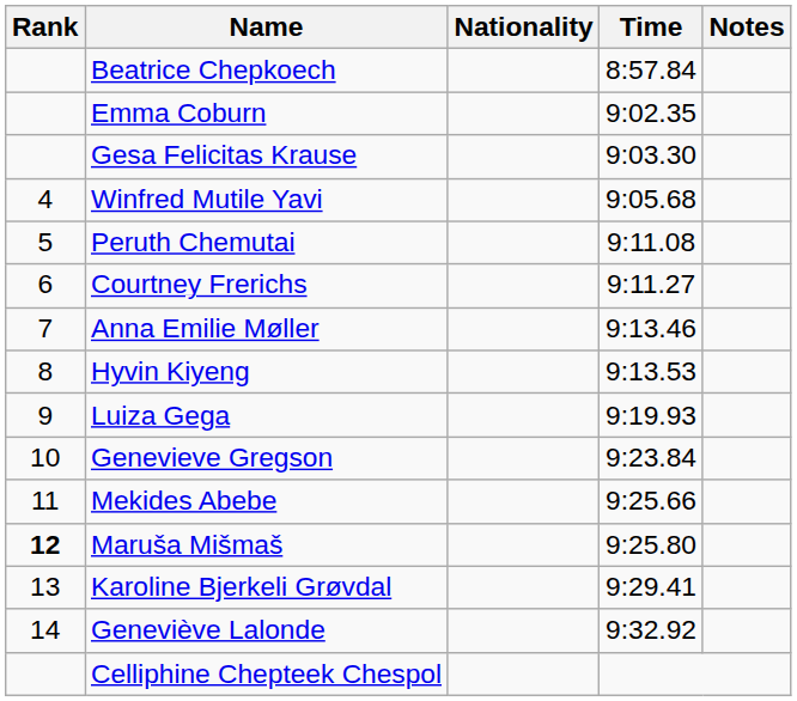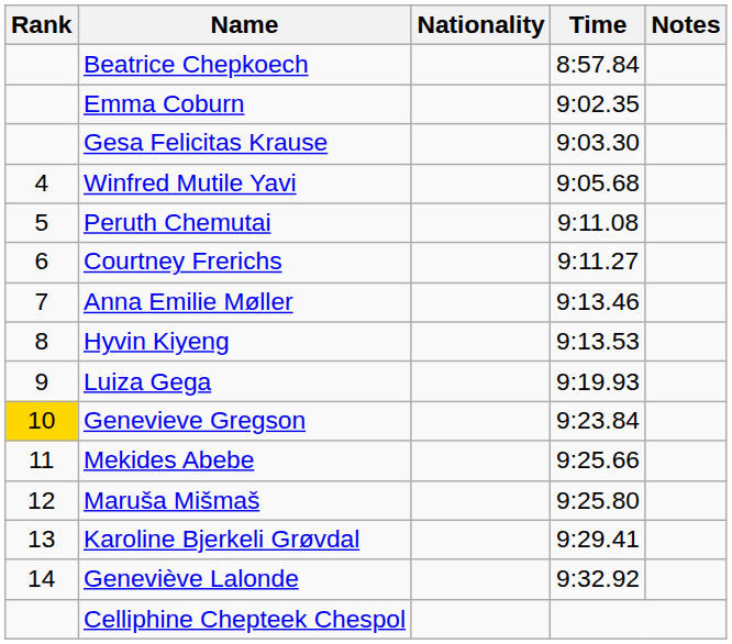 <table class="wikitable sortable" style="text-align:center">
 <tr>
 <th>Rank</th>
 <th>Name</th>
 <th>Nationality</th>
 <th>Time</th>
 <th>Notes</th>
 </tr>
 <tr>
 <td></td>
 <td align=left><a href='#'>Beatrice Chepkoech</a></td>
 <td align=left></td>
 <td>8:57.84</td>
 <td><strong></strong></td>
 </tr>
 <tr>
 <td></td>
 <td align=left><a href='#'>Emma Coburn</a></td>
 <td align=left></td>
 <td>9:02.35</td>
 <td></td>
 </tr>
 <tr>
 <td></td>
 <td align=left><a href='#'>Gesa Felicitas Krause</a></td>
 <td align=left></td>
 <td>9:03.30</td>
 <td><strong></strong></td>
 </tr>
 <tr>
 <td>4</td>
 <td align=left><a href='#'>Winfred Mutile Yavi</a></td>
 <td align=left></td>
 <td>9:05.68</td>
 <td></td>
 </tr>
 <tr>
 <td>5</td>
 <td align=left><a href='#'>Peruth Chemutai</a></td>
 <td align=left></td>
 <td>9:11.08</td>
 <td></td>
 </tr>
 <tr>
 <td>6</td>
 <td align=left><a href='#'>Courtney Frerichs</a></td>
 <td align=left></td>
 <td>9:11.27</td>
 <td></td>
 </tr>
 <tr>
 <td>7</td>
 <td align=left><a href='#'>Anna Emilie Møller</a></td>
 <td align=left></td>
 <td>9:13.46</td>
 <td><strong></strong></td>
 </tr>
 <tr>
 <td>8</td>
 <td align=left><a href='#'>Hyvin Kiyeng</a></td>
 <td align=left></td>
 <td>9:13.53</td>
 <td></td>
 </tr>
 <tr>
 <td>9</td>
 <td align=left><a href='#'>Luiza Gega</a></td>
 <td align=left></td>
 <td>9:19.93</td>
 <td><strong></strong></td>
 </tr>
 <tr>
-<td>10</td>
+<td style="background: gold;">10</td>
 <td align=left><a href='#'>Genevieve Gregson</a></td>
 <td align=left></td>
 <td>9:23.84</td>
 <td></td>
 </tr>
 <tr>
 <td>11</td>
 <td align=left><a href='#'>Mekides Abebe</a></td>
 <td align=left></td>
 <td>9:25.66</td>
 <td></td>
 </tr>
 <tr>
-<td><strong>12</strong></td>
+<td>12</td>
 <td align=left><a href='#'>Maruša Mišmaš</a></td>
 <td align=left></td>
 <td>9:25.80</td>
 <td></td>
 </tr>
 <tr>
 <td>13</td>
 <td align=left><a href='#'>Karoline Bjerkeli Grøvdal</a></td>
 <td align=left></td>
 <td>9:29.41</td>
 <td></td>
 </tr>
 <tr>
 <td>14</td>
 <td align=left><a href='#'>Geneviève Lalonde</a></td>
 <td align=left></td>
 <td>9:32.92</td>
 <td></td>
 </tr>
 <tr>
 <td></td>
 <td align=left><a href='#'>Celliphine Chepteek Chespol</a></td>
 <td align=left></td>
 <td colspan=2></td>
 </tr>
 </table>
